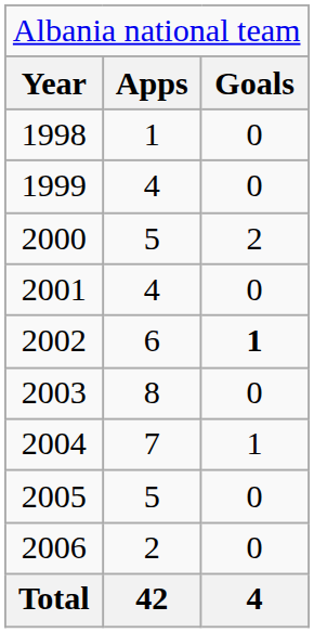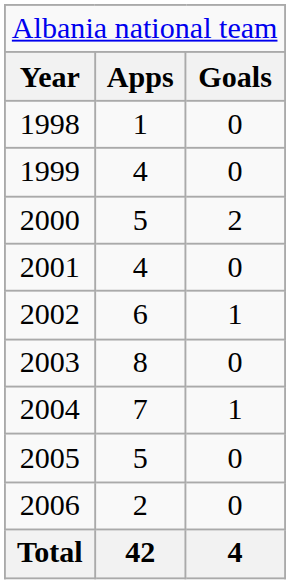 <table class="wikitable" style="text-align:center">
 <tr>
 <td colspan="3"><a href='#'>Albania national team</a></td>
 </tr>
 <tr>
 <th>Year</th>
 <th>Apps</th>
 <th>Goals</th>
 </tr>
 <tr>
 <td>1998</td>
 <td>1</td>
 <td>0</td>
 </tr>
 <tr>
 <td>1999</td>
 <td>4</td>
 <td>0</td>
 </tr>
 <tr>
 <td>2000</td>
 <td>5</td>
 <td>2</td>
 </tr>
 <tr>
 <td>2001</td>
 <td>4</td>
 <td>0</td>
 </tr>
 <tr>
 <td>2002</td>
 <td>6</td>
-<td><strong>1</strong></td>
+<td>1</td>
 </tr>
 <tr>
 <td>2003</td>
 <td>8</td>
 <td>0</td>
 </tr>
 <tr>
 <td>2004</td>
 <td>7</td>
 <td>1</td>
 </tr>
 <tr>
 <td>2005</td>
 <td>5</td>
 <td>0</td>
 </tr>
 <tr>
 <td>2006</td>
 <td>2</td>
 <td>0</td>
 </tr>
 <tr>
 <th>Total</th>
 <th>42</th>
 <th>4</th>
 </tr>
 </table>
